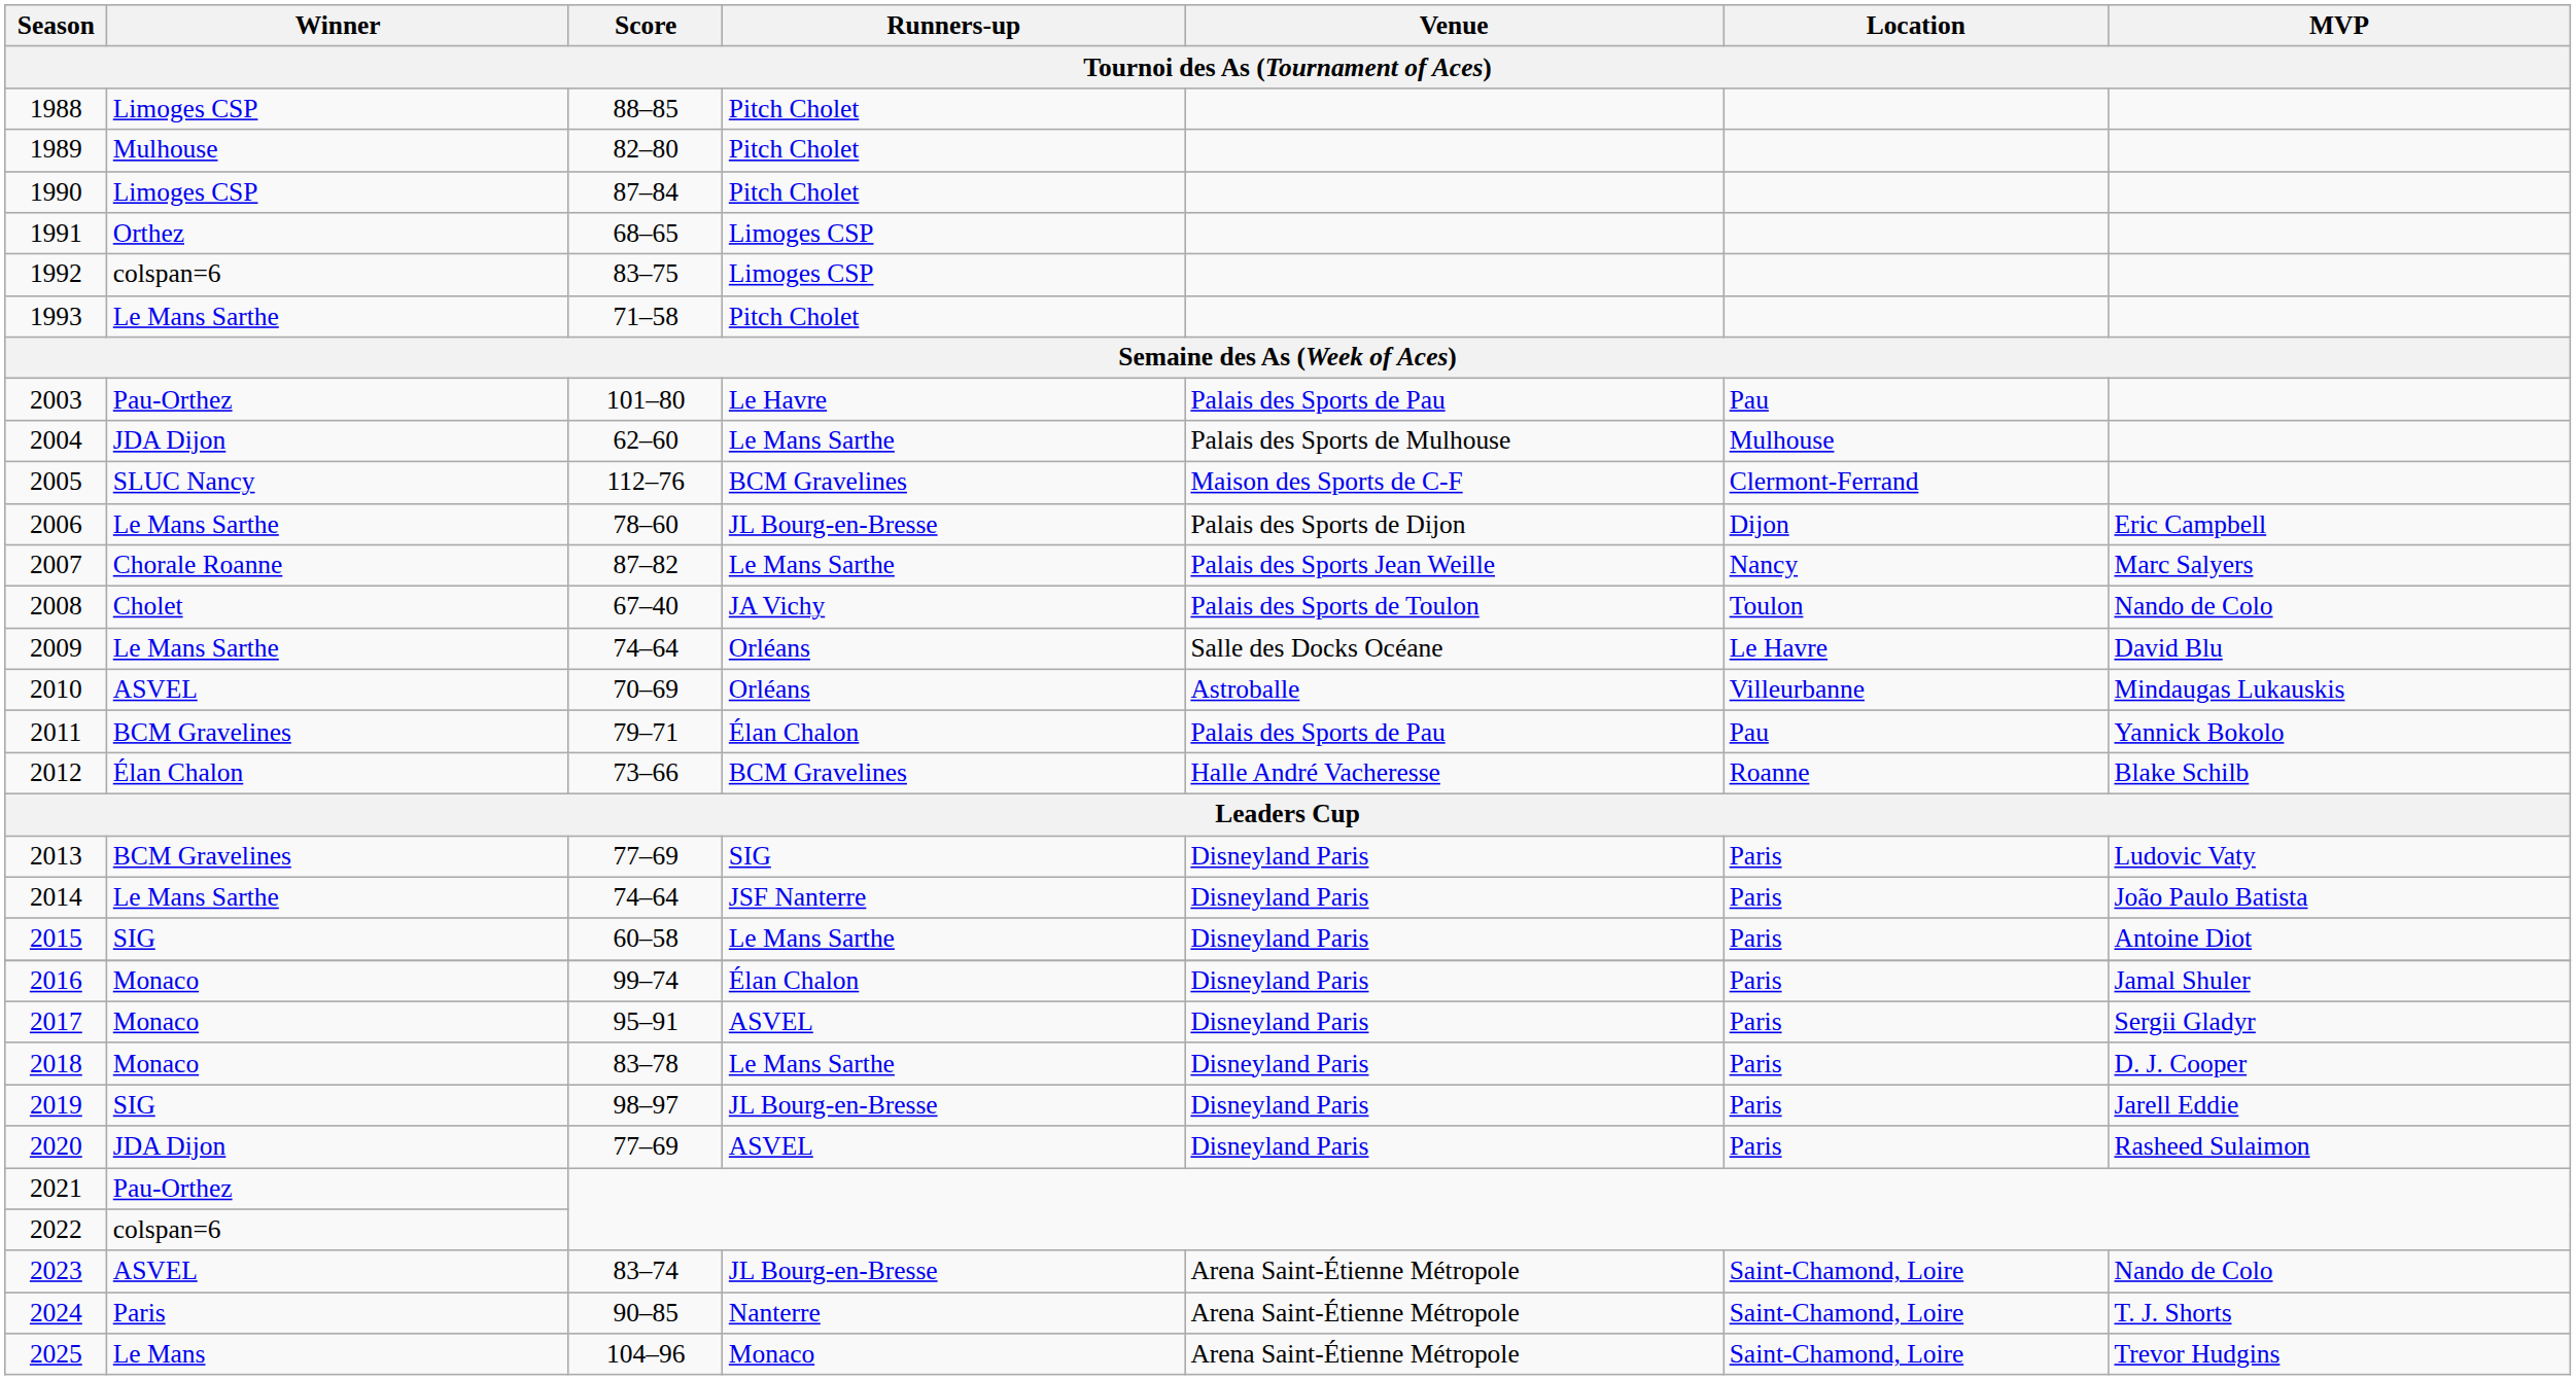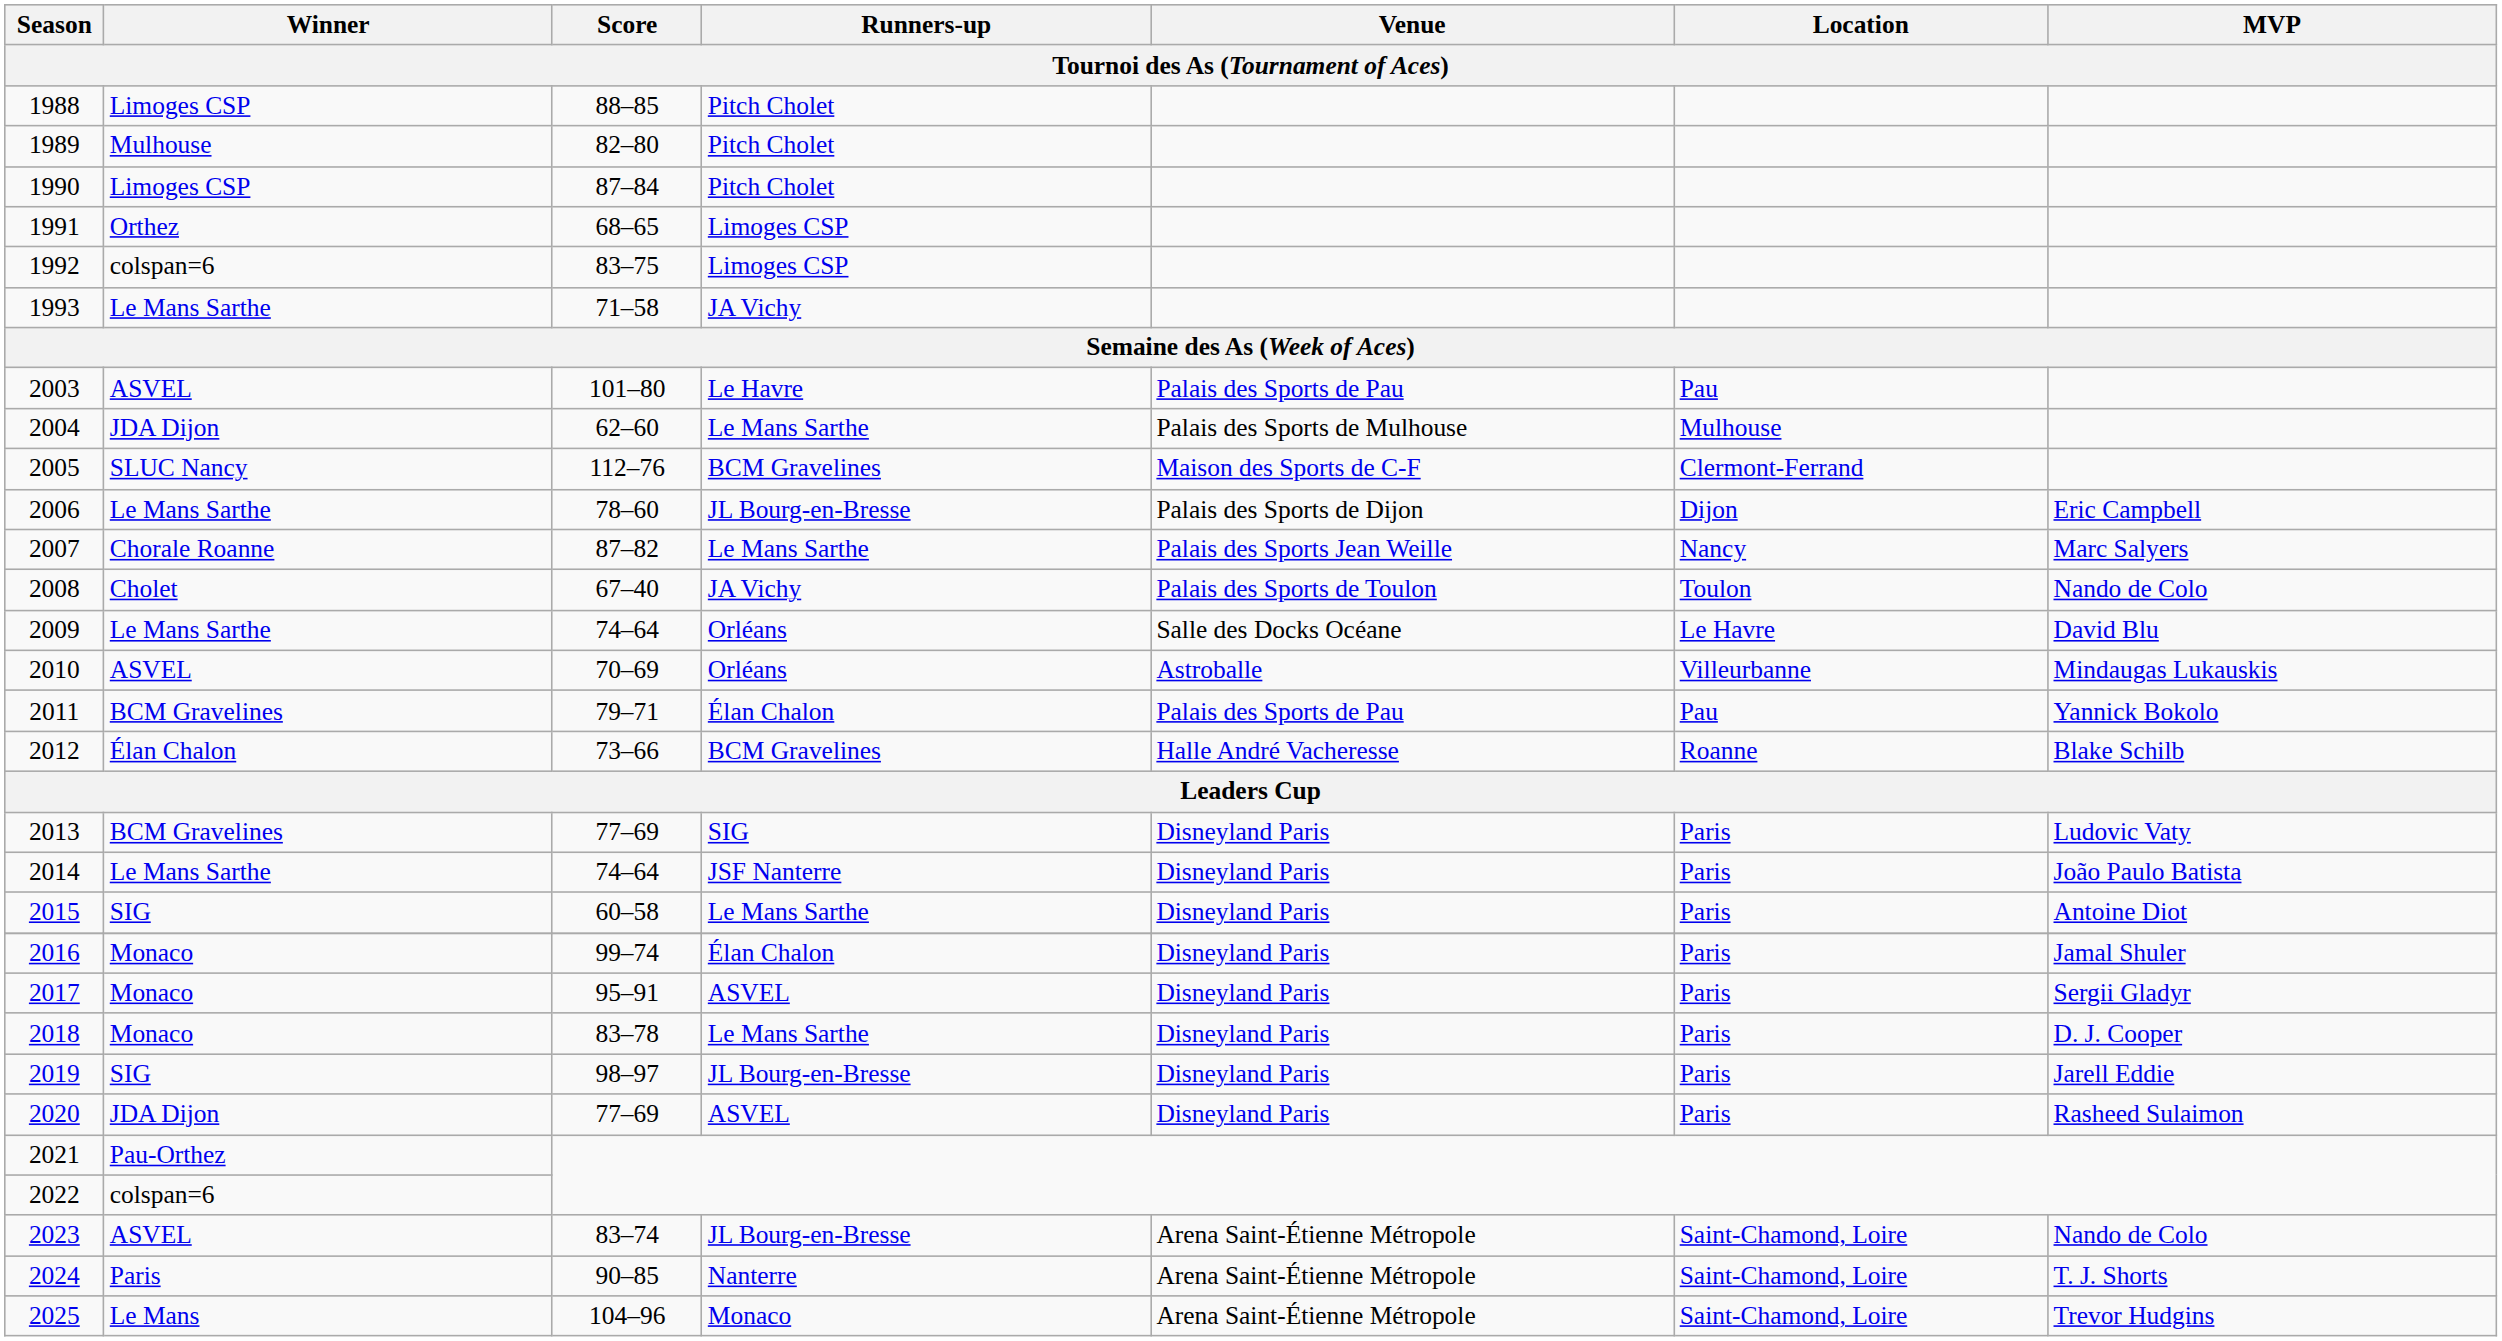 <table class="sortable wikitable">
 <tr>
 <th width=1%>Season</th>
 <th width=12%>Winner</th>
 <th width=4%>Score</th>
 <th width=12%>Runners-up</th>
 <th width=14%>Venue</th>
 <th width=10%>Location</th>
 <th width=12%>MVP</th>
 </tr>
 <tr>
 <th scop=col colspan="7">Tournoi des As (<em>Tournament of Aces</em>)</th>
 </tr>
 <tr>
 <td align=center>1988</td>
 <td><a href='#'>Limoges CSP</a></td>
 <td align=center>88–85</td>
 <td><a href='#'>Pitch Cholet</a></td>
 <td></td>
 <td></td>
 <td></td>
 </tr>
 <tr>
 <td align=center>1989</td>
 <td><a href='#'>Mulhouse</a></td>
 <td align=center>82–80</td>
 <td><a href='#'>Pitch Cholet</a></td>
 <td></td>
 <td></td>
 <td></td>
 </tr>
 <tr>
 <td align=center>1990</td>
 <td><a href='#'>Limoges CSP</a></td>
 <td align=center>87–84</td>
 <td><a href='#'>Pitch Cholet</a></td>
 <td></td>
 <td></td>
 <td></td>
 </tr>
 <tr>
 <td align=center>1991</td>
 <td><a href='#'>Orthez</a></td>
 <td align=center>68–65</td>
 <td><a href='#'>Limoges CSP</a></td>
 <td></td>
 <td></td>
 <td></td>
 </tr>
 <tr>
 <td align=center>1992</td>
 <td>colspan=6  </td>
 <td align=center>83–75</td>
 <td><a href='#'>Limoges CSP</a></td>
 <td></td>
 <td></td>
 <td></td>
 </tr>
 <tr>
 <td align=center>1993</td>
 <td><a href='#'>Le Mans Sarthe</a></td>
 <td align=center>71–58</td>
-<td><a href='#'>Pitch Cholet</a></td>
+<td><a href='#'>JA Vichy</a></td>
 <td></td>
 <td></td>
 <td></td>
 </tr>
 <tr>
 <th scop=col colspan="7">Semaine des As (<em>Week of Aces</em>)</th>
 </tr>
 <tr>
 <td align=center>2003</td>
-<td><a href='#'>Pau-Orthez</a></td>
+<td><a href='#'>ASVEL</a></td>
 <td align=center>101–80</td>
 <td><a href='#'>Le Havre</a></td>
 <td><a href='#'>Palais des Sports de Pau</a></td>
 <td><a href='#'>Pau</a></td>
 <td></td>
 </tr>
 <tr>
 <td align=center>2004</td>
 <td><a href='#'>JDA Dijon</a></td>
 <td align=center>62–60</td>
 <td><a href='#'>Le Mans Sarthe</a></td>
 <td>Palais des Sports de Mulhouse</td>
 <td><a href='#'>Mulhouse</a></td>
 <td></td>
 </tr>
 <tr>
 <td align=center>2005</td>
 <td><a href='#'>SLUC Nancy</a></td>
 <td align=center>112–76</td>
 <td><a href='#'>BCM Gravelines</a></td>
 <td><a href='#'>Maison des Sports de C-F</a></td>
 <td><a href='#'>Clermont-Ferrand</a></td>
 <td></td>
 </tr>
 <tr>
 <td align=center>2006</td>
 <td><a href='#'>Le Mans Sarthe</a></td>
 <td align=center>78–60</td>
 <td><a href='#'>JL Bourg-en-Bresse</a></td>
 <td>Palais des Sports de Dijon</td>
 <td><a href='#'>Dijon</a></td>
 <td> <a href='#'>Eric Campbell</a></td>
 </tr>
 <tr>
 <td align=center>2007</td>
 <td><a href='#'>Chorale Roanne</a></td>
 <td align=center>87–82</td>
 <td><a href='#'>Le Mans Sarthe</a></td>
 <td><a href='#'>Palais des Sports Jean Weille</a></td>
 <td><a href='#'>Nancy</a></td>
 <td> <a href='#'>Marc Salyers</a></td>
 </tr>
 <tr>
 <td align=center>2008</td>
 <td><a href='#'>Cholet</a></td>
 <td align=center>67–40</td>
 <td><a href='#'>JA Vichy</a></td>
 <td><a href='#'>Palais des Sports de Toulon</a></td>
 <td><a href='#'>Toulon</a></td>
 <td> <a href='#'>Nando de Colo</a></td>
 </tr>
 <tr>
 <td align=center>2009</td>
 <td><a href='#'>Le Mans Sarthe</a></td>
 <td align=center>74–64</td>
 <td><a href='#'>Orléans</a></td>
 <td>Salle des Docks Océane</td>
 <td><a href='#'>Le Havre</a></td>
 <td> <a href='#'>David Blu</a></td>
 </tr>
 <tr>
 <td align=center>2010</td>
 <td><a href='#'>ASVEL</a></td>
 <td align=center>70–69</td>
 <td><a href='#'>Orléans</a></td>
 <td><a href='#'>Astroballe</a></td>
 <td><a href='#'>Villeurbanne</a></td>
 <td> <a href='#'>Mindaugas Lukauskis</a></td>
 </tr>
 <tr>
 <td align=center>2011</td>
 <td><a href='#'>BCM Gravelines</a></td>
 <td align=center>79–71</td>
 <td><a href='#'>Élan Chalon</a></td>
 <td><a href='#'>Palais des Sports de Pau</a></td>
 <td><a href='#'>Pau</a></td>
 <td> <a href='#'>Yannick Bokolo</a></td>
 </tr>
 <tr>
 <td align=center>2012</td>
 <td><a href='#'>Élan Chalon</a></td>
 <td align=center>73–66</td>
 <td><a href='#'>BCM Gravelines</a></td>
 <td><a href='#'>Halle André Vacheresse</a></td>
 <td><a href='#'>Roanne</a></td>
 <td> <a href='#'>Blake Schilb</a></td>
 </tr>
 <tr>
 <th scop=col colspan="9">Leaders Cup</th>
 </tr>
 <tr>
 <td align=center>2013</td>
 <td><a href='#'>BCM Gravelines</a></td>
 <td align=center>77–69</td>
 <td><a href='#'>SIG</a></td>
 <td><a href='#'>Disneyland Paris</a></td>
 <td><a href='#'>Paris</a></td>
 <td> <a href='#'>Ludovic Vaty</a></td>
 </tr>
 <tr>
 <td align=center>2014</td>
 <td><a href='#'>Le Mans Sarthe</a></td>
 <td align=center>74–64</td>
 <td><a href='#'>JSF Nanterre</a></td>
 <td><a href='#'>Disneyland Paris</a></td>
 <td><a href='#'>Paris</a></td>
 <td> <a href='#'>João Paulo Batista</a></td>
 </tr>
 <tr>
 <td align=center><a href='#'>2015</a></td>
 <td><a href='#'>SIG</a></td>
 <td align=center>60–58</td>
 <td><a href='#'>Le Mans Sarthe</a></td>
 <td><a href='#'>Disneyland Paris</a></td>
 <td><a href='#'>Paris</a></td>
 <td> <a href='#'>Antoine Diot</a></td>
 </tr>
 <tr>
 </tr>
 <tr>
 <td align=center><a href='#'>2016</a></td>
 <td><a href='#'>Monaco</a></td>
 <td align=center>99–74</td>
 <td><a href='#'>Élan Chalon</a></td>
 <td><a href='#'>Disneyland Paris</a></td>
 <td><a href='#'>Paris</a></td>
 <td> <a href='#'>Jamal Shuler</a></td>
 </tr>
 <tr>
 <td align=center><a href='#'>2017</a></td>
 <td><a href='#'>Monaco</a></td>
 <td align=center>95–91</td>
 <td><a href='#'>ASVEL</a></td>
 <td><a href='#'>Disneyland Paris</a></td>
 <td><a href='#'>Paris</a></td>
 <td> <a href='#'>Sergii Gladyr</a></td>
 </tr>
 <tr>
 <td align=center><a href='#'>2018</a></td>
 <td><a href='#'>Monaco</a></td>
 <td align=center>83–78</td>
 <td><a href='#'>Le Mans Sarthe</a></td>
 <td><a href='#'>Disneyland Paris</a></td>
 <td><a href='#'>Paris</a></td>
 <td> <a href='#'>D. J. Cooper</a></td>
 </tr>
 <tr>
 <td align=center><a href='#'>2019</a></td>
 <td><a href='#'>SIG</a></td>
 <td align=center>98–97</td>
 <td><a href='#'>JL Bourg-en-Bresse</a></td>
 <td><a href='#'>Disneyland Paris</a></td>
 <td><a href='#'>Paris</a></td>
 <td> <a href='#'>Jarell Eddie</a></td>
 </tr>
 <tr>
 <td align=center><a href='#'>2020</a></td>
 <td><a href='#'>JDA Dijon</a></td>
 <td align=center>77–69</td>
 <td><a href='#'>ASVEL</a></td>
 <td><a href='#'>Disneyland Paris</a></td>
 <td><a href='#'>Paris</a></td>
 <td> <a href='#'>Rasheed Sulaimon</a></td>
 </tr>
 <tr>
 <td align=center>2021</td>
 <td><a href='#'>Pau-Orthez</a></td>
 </tr>
 <tr>
 <td align=center>2022</td>
 <td>colspan=6  </td>
 </tr>
 <tr>
 <td align=center><a href='#'>2023</a></td>
 <td><a href='#'>ASVEL</a></td>
 <td align=center>83–74</td>
 <td><a href='#'>JL Bourg-en-Bresse</a></td>
 <td>Arena Saint-Étienne Métropole</td>
 <td><a href='#'>Saint-Chamond, Loire</a></td>
 <td> <a href='#'>Nando de Colo</a></td>
 </tr>
 <tr>
 <td align=center><a href='#'>2024</a></td>
 <td><a href='#'>Paris</a></td>
 <td align=center>90–85</td>
 <td><a href='#'>Nanterre</a></td>
 <td>Arena Saint-Étienne Métropole</td>
 <td><a href='#'>Saint-Chamond, Loire</a></td>
 <td> <a href='#'>T. J. Shorts</a></td>
 </tr>
 <tr>
 <td align=center><a href='#'>2025</a></td>
 <td><a href='#'>Le Mans</a></td>
 <td align=center>104–96</td>
 <td><a href='#'>Monaco</a></td>
 <td>Arena Saint-Étienne Métropole</td>
 <td><a href='#'>Saint-Chamond, Loire</a></td>
 <td> <a href='#'>Trevor Hudgins</a></td>
 </tr>
 </table>
